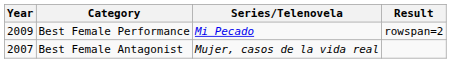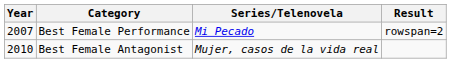 <table class="wikitable">
 <tr>
 <th>Year</th>
 <th>Category</th>
 <th>Series/Telenovela</th>
 <th>Result</th>
 </tr>
 <tr>
-<td>2009</td>
+<td>2007</td>
 <td>Best Female Performance</td>
 <td><em><a href='#'>Mi Pecado</a></em></td>
 <td>rowspan=2 </td>
 </tr>
 <tr>
-<td>2007</td>
+<td>2010</td>
 <td>Best Female Antagonist</td>
 <td><em>Mujer, casos de la vida real</em></td>
 </tr>
 </table>
